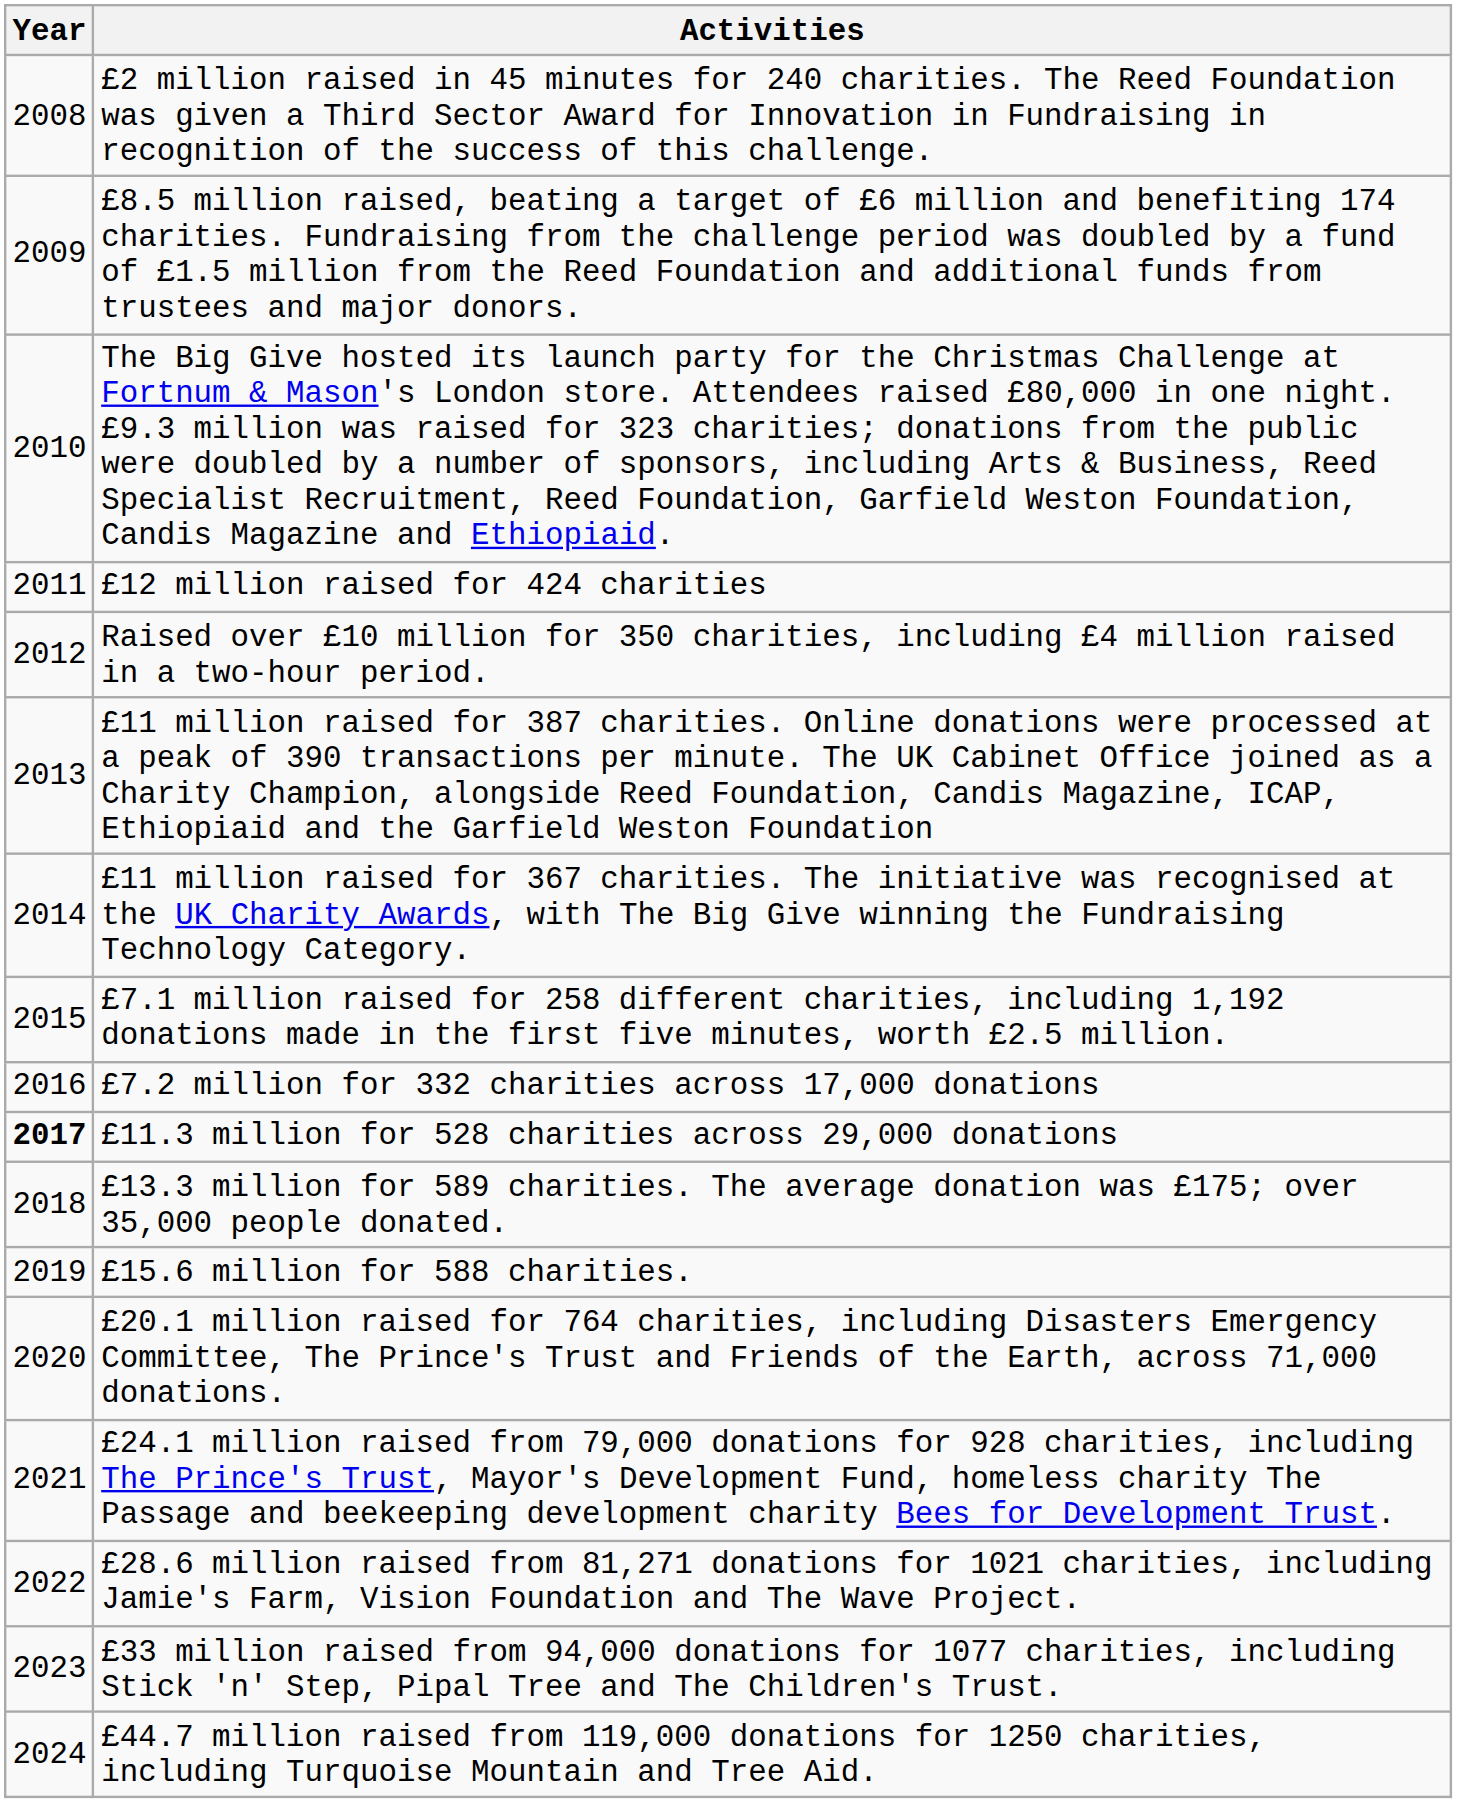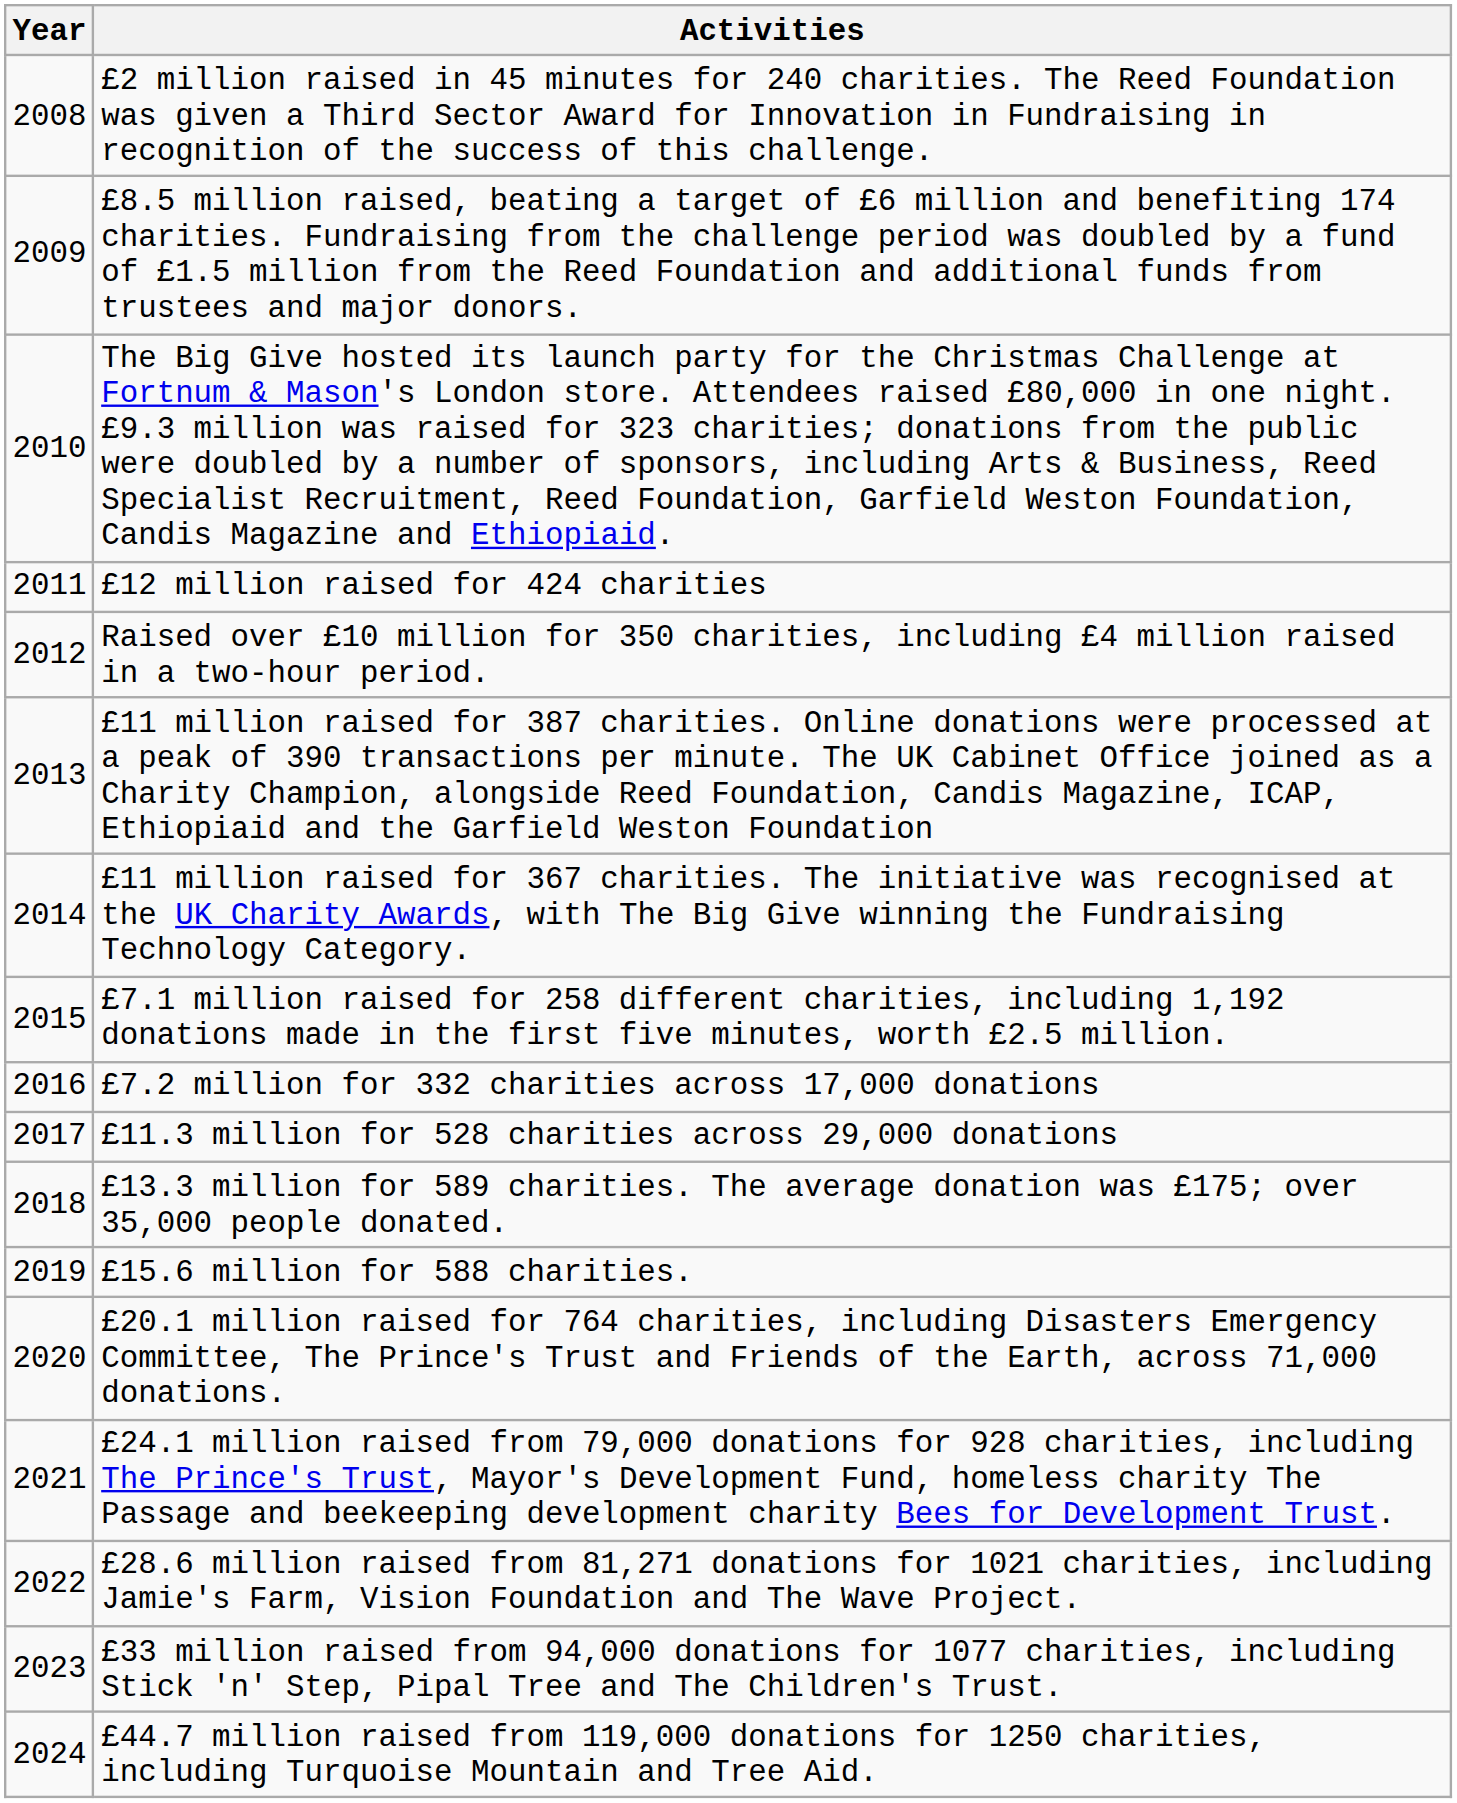 <table class="wikitable">
 <tr>
 <th>Year</th>
 <th>Activities</th>
 </tr>
 <tr>
 <td>2008</td>
 <td>£2 million raised in 45 minutes for 240 charities. The Reed Foundation was given a Third Sector Award for Innovation in Fundraising in recognition of the success of this challenge.</td>
 </tr>
 <tr>
 <td>2009</td>
 <td>£8.5 million raised, beating a target of £6 million and benefiting 174 charities. Fundraising from the challenge period was doubled by a fund of £1.5 million from the Reed Foundation and additional funds from trustees and major donors.</td>
 </tr>
 <tr>
 <td>2010</td>
 <td>The Big Give hosted its launch party for the Christmas Challenge at <a href='#'>Fortnum & Mason</a>'s London store. Attendees raised £80,000 in one night. £9.3 million was raised for 323 charities; donations from the public were doubled by a number of sponsors, including Arts & Business, Reed Specialist Recruitment, Reed Foundation, Garfield Weston Foundation, Candis Magazine and <a href='#'>Ethiopiaid</a>.</td>
 </tr>
 <tr>
 <td>2011</td>
 <td>£12 million raised for 424 charities</td>
 </tr>
 <tr>
 <td>2012</td>
 <td>Raised over £10 million for 350 charities, including £4 million raised in a two-hour period.</td>
 </tr>
 <tr>
 <td>2013</td>
 <td>£11 million raised for 387 charities. Online donations were processed at a peak of 390 transactions per minute. The UK Cabinet Office joined as a Charity Champion, alongside Reed Foundation, Candis Magazine, ICAP, Ethiopiaid and the Garfield Weston Foundation</td>
 </tr>
 <tr>
 <td>2014</td>
 <td>£11 million raised for 367 charities. The initiative was recognised at the <a href='#'>UK Charity Awards</a>, with The Big Give winning the Fundraising Technology Category.</td>
 </tr>
 <tr>
 <td>2015</td>
 <td>£7.1 million raised for 258 different charities, including 1,192 donations made in the first five minutes, worth £2.5 million.</td>
 </tr>
 <tr>
 <td>2016</td>
 <td>£7.2 million for 332 charities across 17,000 donations</td>
 </tr>
 <tr>
-<td><strong>2017</strong></td>
+<td>2017</td>
 <td>£11.3 million for 528 charities across 29,000 donations</td>
 </tr>
 <tr>
 <td>2018</td>
 <td>£13.3 million for 589 charities. The average donation was £175; over 35,000 people donated.</td>
 </tr>
 <tr>
 <td>2019</td>
 <td>£15.6 million for 588 charities.</td>
 </tr>
 <tr>
 <td>2020</td>
 <td>£20.1 million raised for 764 charities, including Disasters Emergency Committee, The Prince's Trust and Friends of the Earth, across 71,000 donations.</td>
 </tr>
 <tr>
 <td>2021</td>
 <td>£24.1 million raised from 79,000 donations for 928 charities, including <a href='#'>The Prince's Trust</a>, Mayor's Development Fund, homeless charity The Passage and beekeeping development charity <a href='#'>Bees for Development Trust</a>.</td>
 </tr>
 <tr>
 <td>2022</td>
 <td>£28.6 million raised from 81,271 donations for 1021 charities, including Jamie's Farm, Vision Foundation and The Wave Project.</td>
 </tr>
 <tr>
 <td>2023</td>
 <td>£33 million raised from 94,000 donations for 1077 charities, including Stick 'n' Step, Pipal Tree and The Children's Trust.</td>
 </tr>
 <tr>
 <td>2024</td>
 <td>£44.7 million raised from 119,000 donations for 1250 charities, including Turquoise Mountain and Tree Aid.</td>
 </tr>
 </table>
